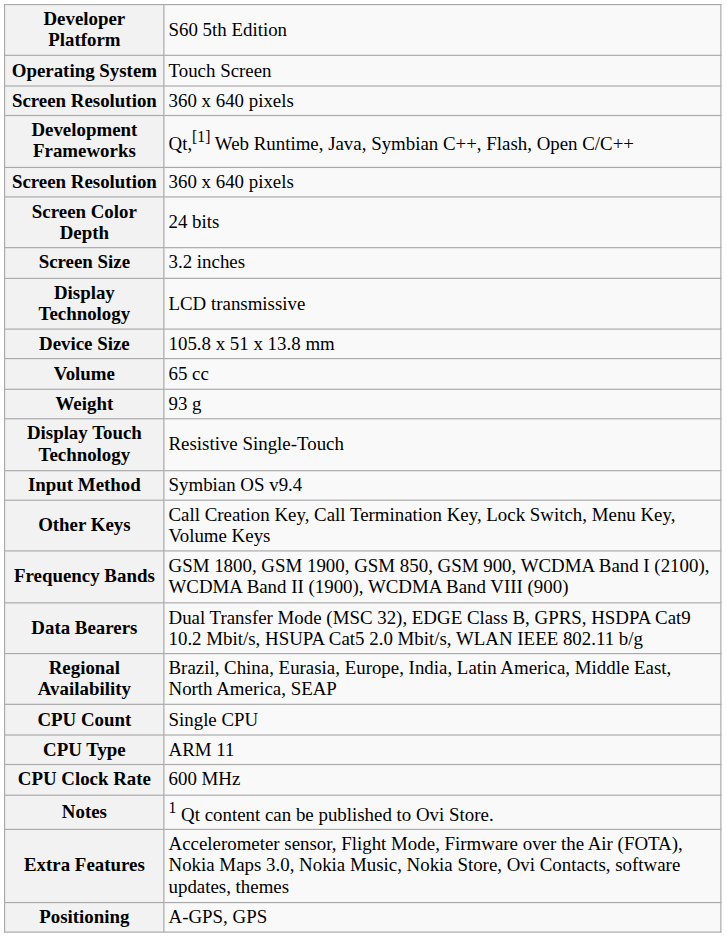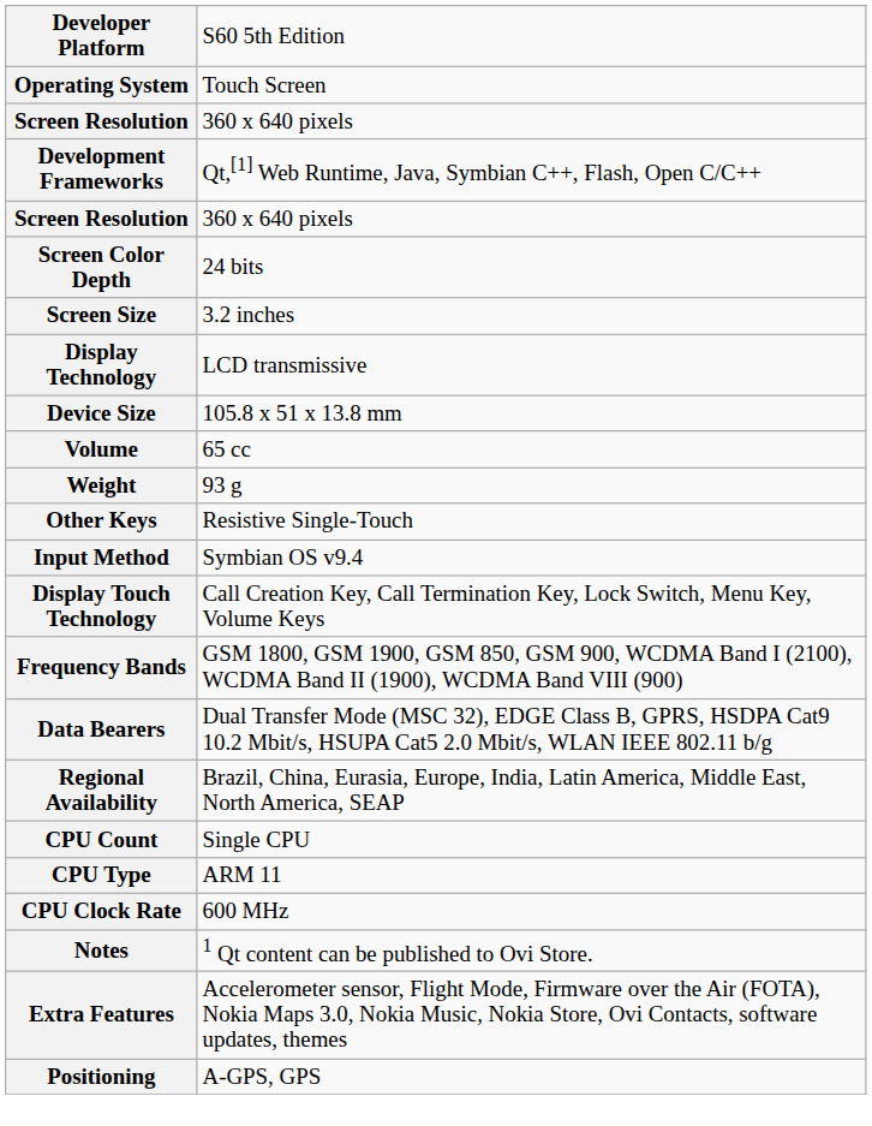 <table class=wikitable>
 <tr>
 <th>Developer Platform</th>
 <td>S60 5th Edition</td>
 </tr>
 <tr>
 <th>Operating System</th>
 <td>Touch Screen</td>
 </tr>
 <tr>
 <th>Screen Resolution</th>
 <td>360 x 640 pixels</td>
 </tr>
 <tr>
 <th>Development Frameworks</th>
 <td>Qt,<sup>[1]</sup> Web Runtime, Java, Symbian C++, Flash, Open C/C++</td>
 </tr>
 <tr>
 <th>Screen Resolution</th>
 <td>360 x 640 pixels</td>
 </tr>
 <tr>
 <th>Screen Color Depth</th>
 <td>24 bits</td>
 </tr>
 <tr>
 <th>Screen Size</th>
 <td>3.2 inches</td>
 </tr>
 <tr>
 <th>Display Technology</th>
 <td>LCD transmissive</td>
 </tr>
 <tr>
 <th>Device Size</th>
 <td>105.8 x 51 x 13.8 mm</td>
 </tr>
 <tr>
 <th>Volume</th>
 <td>65 cc</td>
 </tr>
 <tr>
 <th>Weight</th>
 <td>93 g</td>
 </tr>
 <tr>
-<th>Display Touch Technology</th>
+<th>Other Keys</th>
 <td>Resistive Single-Touch</td>
 </tr>
 <tr>
 <th>Input Method</th>
 <td>Symbian OS v9.4</td>
 </tr>
 <tr>
-<th>Other Keys</th>
+<th>Display Touch Technology</th>
 <td>Call Creation Key, Call Termination Key, Lock Switch, Menu Key, Volume Keys</td>
 </tr>
 <tr>
 <th>Frequency Bands</th>
 <td>GSM 1800, GSM 1900, GSM 850, GSM 900, WCDMA Band I (2100), WCDMA Band II (1900), WCDMA Band VIII (900)</td>
 </tr>
 <tr>
 <th>Data Bearers</th>
 <td>Dual Transfer Mode (MSC 32), EDGE Class B, GPRS, HSDPA Cat9 10.2 Mbit/s, HSUPA Cat5 2.0 Mbit/s, WLAN IEEE 802.11 b/g</td>
 </tr>
 <tr>
 <th>Regional Availability</th>
 <td>Brazil, China, Eurasia, Europe, India, Latin America, Middle East, North America, SEAP</td>
 </tr>
 <tr>
 <th>CPU Count</th>
 <td>Single CPU</td>
 </tr>
 <tr>
 <th>CPU Type</th>
 <td>ARM 11</td>
 </tr>
 <tr>
 <th>CPU Clock Rate</th>
 <td>600 MHz</td>
 </tr>
 <tr>
 <th>Notes</th>
 <td><sup>1</sup> Qt content can be published to Ovi Store.</td>
 </tr>
 <tr>
 <th>Extra Features</th>
 <td>Accelerometer sensor, Flight Mode, Firmware over the Air (FOTA), Nokia Maps 3.0, Nokia Music, Nokia Store, Ovi Contacts, software updates, themes</td>
 </tr>
 <tr>
 <th>Positioning</th>
 <td>A-GPS, GPS</td>
 </tr>
 </table>
